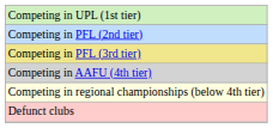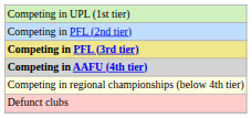 <table class="wikitable" style="font-size:80%">
 <tr>
 <td style="background-color:#D0F0C0; border:1px solid #aaaaaa;">Competing in UPL (1st tier)</td>
 </tr>
 <tr>
 <td style="background-color:#C1DDFD; border:1px solid #aaaaaa;">Competing in <a href='#'>PFL (2nd tier)</a></td>
 </tr>
 <tr>
-<td style="background-color:khaki; border:1px solid #aaaaaa;">Competing in <a href='#'>PFL (3rd tier)</a></td>
+<td style="background-color:khaki; border:1px solid #aaaaaa;"><strong>Competing in <a href='#'>PFL (3rd tier)</a></strong></td>
 </tr>
 <tr>
-<td style="background-color:lightgrey; border:1px solid #aaaaaa;">Competing in <a href='#'>AAFU (4th tier)</a></td>
+<td style="background-color:lightgrey; border:1px solid #aaaaaa;"><strong>Competing in <a href='#'>AAFU (4th tier)</a></strong></td>
 </tr>
 <tr>
 <td style="background-color:lightyellow; border:1px solid #aaaaaa;">Competing in regional championships (below 4th tier)</td>
 </tr>
 <tr>
 <td style="background-color:#ffcccc; border:1px solid #aaaaaa;">Defunct clubs</td>
 </tr>
 <tr>
 </tr>
 </table>
